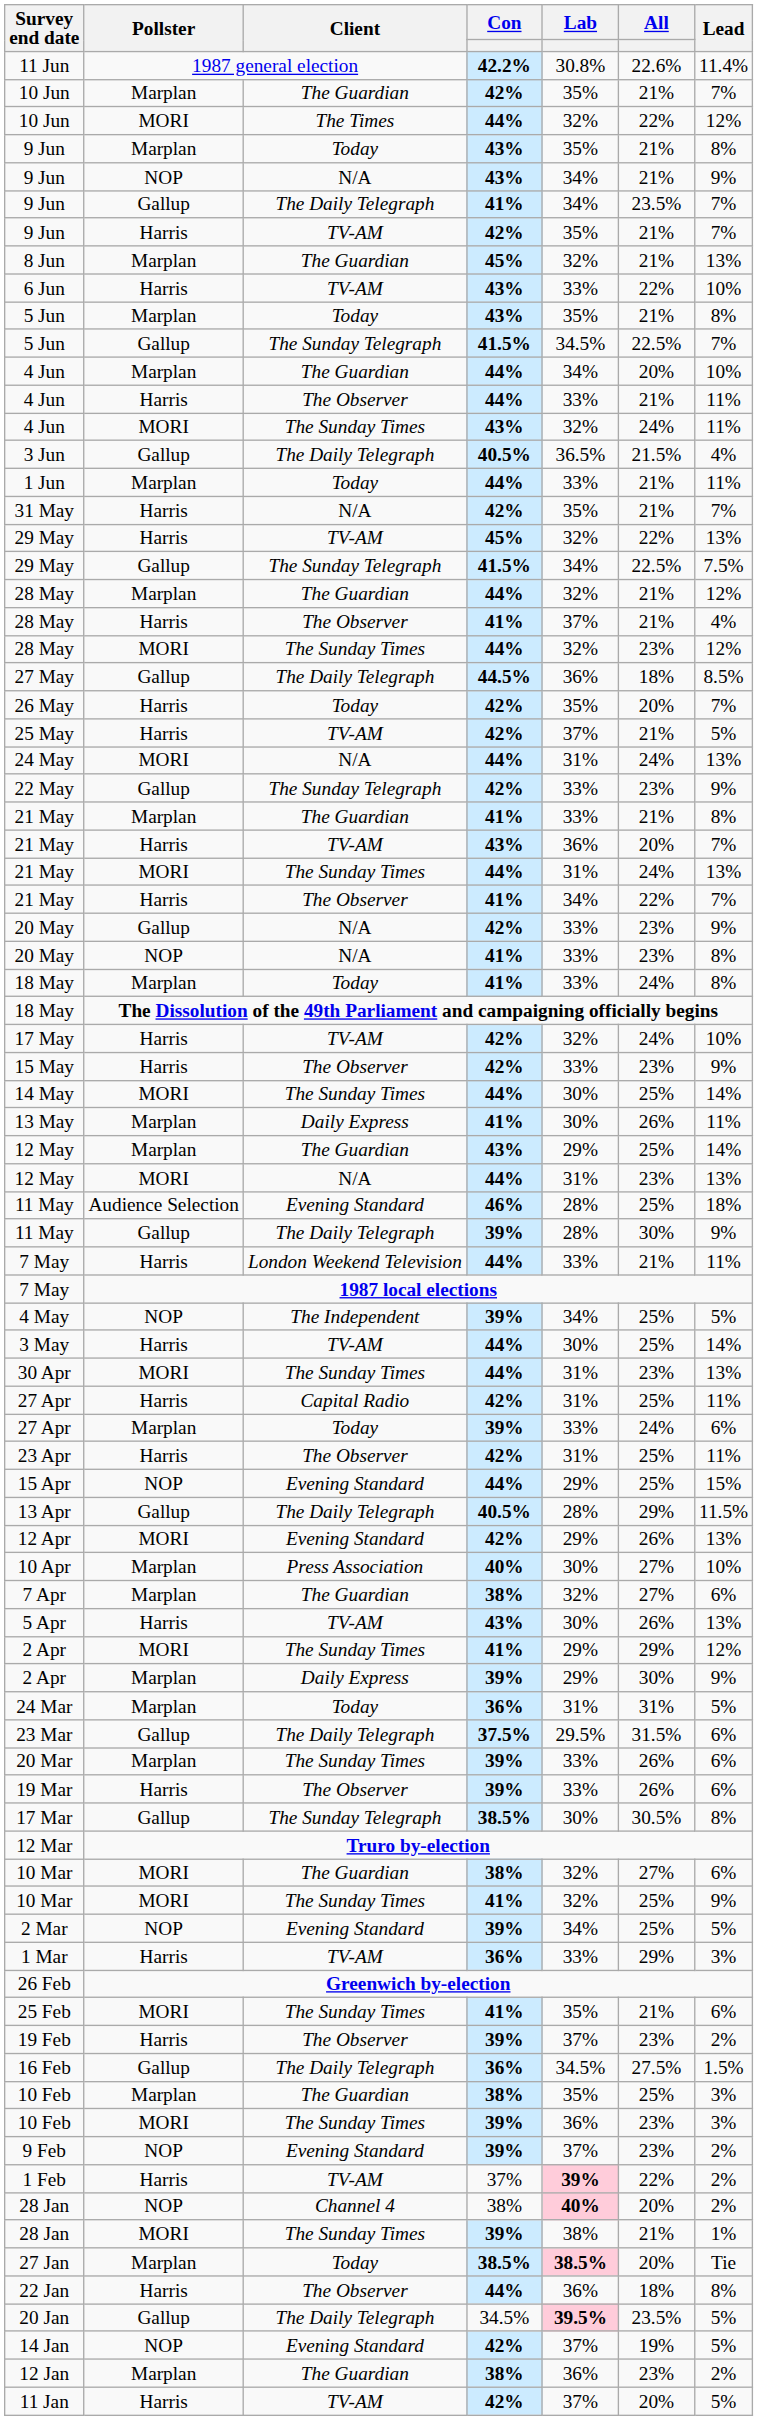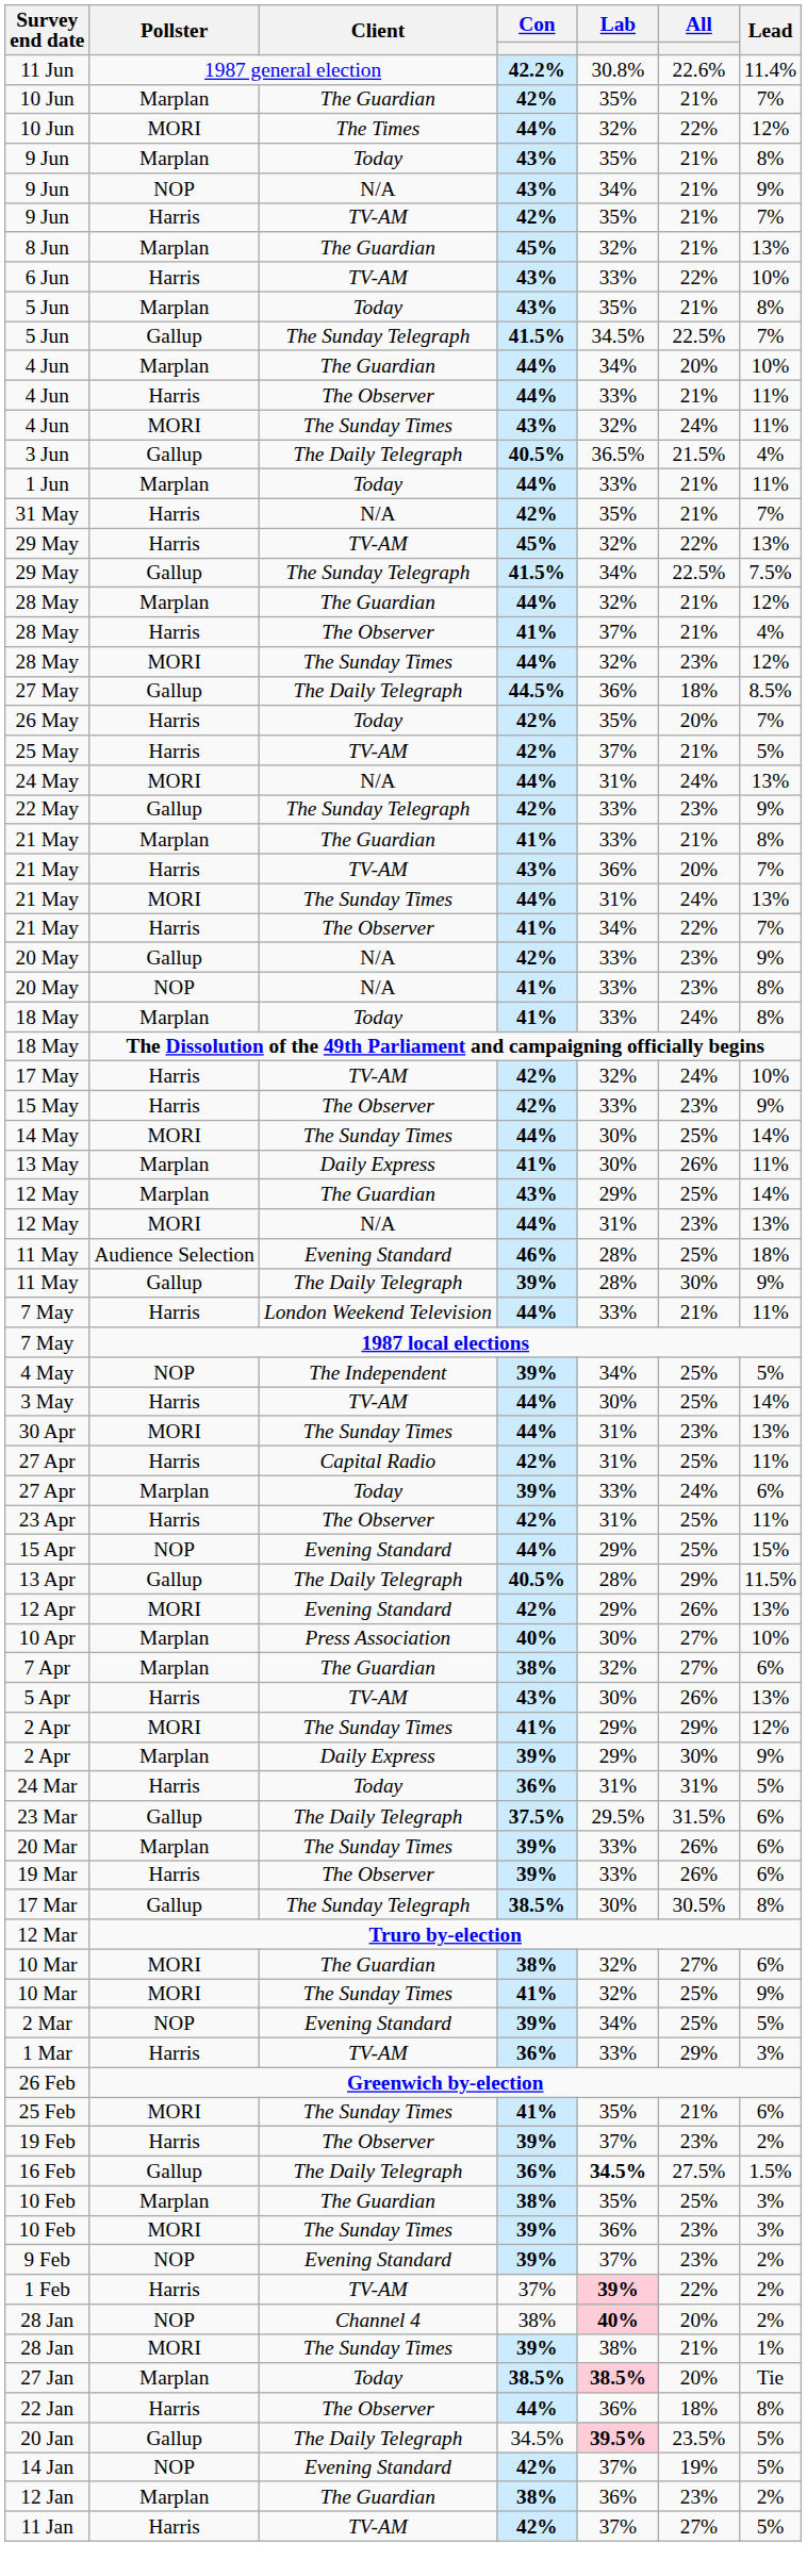 <table class="wikitable sortable mw-datatable" style="text-align:center;font-size:90%;line-height:14px;">
 <tr>
 <th rowspan="2">Survey<br>end date</th>
 <th rowspan="2">Pollster</th>
 <th rowspan="2">Client</th>
 <th class="unsortable" style="width:50px;"><a href='#'>Con</a></th>
 <th class="unsortable" style="width:50px;"><a href='#'>Lab</a></th>
 <th class="unsortable" style="width:50px;"><a href='#'>All</a></th>
 <th rowspan="2">Lead</th>
 </tr>
 <tr>
 <th style="background:"></th>
 <th style="background:"></th>
 <th style="background:"></th>
 </tr>
 <tr>
 <td>11 Jun</td>
 <td colspan="2"><a href='#'>1987 general election</a></td>
 <td style="background:#CCEBFF;"><strong>42.2%</strong></td>
 <td>30.8%</td>
 <td>22.6%</td>
 <td style="background:">11.4%</td>
 </tr>
 <tr>
 <td>10 Jun</td>
 <td>Marplan</td>
 <td><em>The Guardian</em></td>
 <td style="background:#CCEBFF;"><strong>42%</strong></td>
 <td>35%</td>
 <td>21%</td>
 <td style="background:">7%</td>
 </tr>
 <tr>
 <td>10 Jun</td>
 <td>MORI</td>
 <td><em>The Times</em></td>
 <td style="background:#CCEBFF;"><strong>44%</strong></td>
 <td>32%</td>
 <td>22%</td>
 <td style="background:">12%</td>
 </tr>
 <tr>
 <td>9 Jun</td>
 <td>Marplan</td>
 <td><em>Today</em></td>
 <td style="background:#CCEBFF;"><strong>43%</strong></td>
 <td>35%</td>
 <td>21%</td>
 <td style="background:">8%</td>
 </tr>
 <tr>
 <td>9 Jun</td>
 <td>NOP</td>
 <td>N/A</td>
 <td style="background:#CCEBFF;"><strong>43%</strong></td>
 <td>34%</td>
 <td>21%</td>
 <td style="background:">9%</td>
-</tr>
-<tr>
-<td>9 Jun</td>
-<td>Gallup</td>
-<td><em>The Daily Telegraph</em></td>
-<td style="background:#CCEBFF;"><strong>41%</strong></td>
-<td>34%</td>
-<td>23.5%</td>
-<td style="background:">7%</td>
 </tr>
 <tr>
 <td>9 Jun</td>
 <td>Harris</td>
 <td><em>TV-AM</em></td>
 <td style="background:#CCEBFF;"><strong>42%</strong></td>
 <td>35%</td>
 <td>21%</td>
 <td style="background:">7%</td>
 </tr>
 <tr>
 <td>8 Jun</td>
 <td>Marplan</td>
 <td><em>The Guardian</em></td>
 <td style="background:#CCEBFF;"><strong>45%</strong></td>
 <td>32%</td>
 <td>21%</td>
 <td style="background:">13%</td>
 </tr>
 <tr>
 <td>6 Jun</td>
 <td>Harris</td>
 <td><em>TV-AM</em></td>
 <td style="background:#CCEBFF;"><strong>43%</strong></td>
 <td>33%</td>
 <td>22%</td>
 <td style="background:">10%</td>
 </tr>
 <tr>
 <td>5 Jun</td>
 <td>Marplan</td>
 <td><em>Today</em></td>
 <td style="background:#CCEBFF;"><strong>43%</strong></td>
 <td>35%</td>
 <td>21%</td>
 <td style="background:">8%</td>
 </tr>
 <tr>
 <td>5 Jun</td>
 <td>Gallup</td>
 <td><em>The Sunday Telegraph</em></td>
 <td style="background:#CCEBFF;"><strong>41.5%</strong></td>
 <td>34.5%</td>
 <td>22.5%</td>
 <td style="background:">7%</td>
 </tr>
 <tr>
 <td>4 Jun</td>
 <td>Marplan</td>
 <td><em>The Guardian</em></td>
 <td style="background:#CCEBFF;"><strong>44%</strong></td>
 <td>34%</td>
 <td>20%</td>
 <td style="background:">10%</td>
 </tr>
 <tr>
 <td>4 Jun</td>
 <td>Harris</td>
 <td><em>The Observer</em></td>
 <td style="background:#CCEBFF;"><strong>44%</strong></td>
 <td>33%</td>
 <td>21%</td>
 <td style="background:">11%</td>
 </tr>
 <tr>
 <td>4 Jun</td>
 <td>MORI</td>
 <td><em>The Sunday Times</em></td>
 <td style="background:#CCEBFF;"><strong>43%</strong></td>
 <td>32%</td>
 <td>24%</td>
 <td style="background:">11%</td>
 </tr>
 <tr>
 <td>3 Jun</td>
 <td>Gallup</td>
 <td><em>The Daily Telegraph</em></td>
 <td style="background:#CCEBFF;"><strong>40.5%</strong></td>
 <td>36.5%</td>
 <td>21.5%</td>
 <td style="background:">4%</td>
 </tr>
 <tr>
 <td>1 Jun</td>
 <td>Marplan</td>
 <td><em>Today</em></td>
 <td style="background:#CCEBFF;"><strong>44%</strong></td>
 <td>33%</td>
 <td>21%</td>
 <td style="background:">11%</td>
 </tr>
 <tr>
 <td>31 May</td>
 <td>Harris</td>
 <td>N/A</td>
 <td style="background:#CCEBFF;"><strong>42%</strong></td>
 <td>35%</td>
 <td>21%</td>
 <td style="background:">7%</td>
 </tr>
 <tr>
 <td>29 May</td>
 <td>Harris</td>
 <td><em>TV-AM</em></td>
 <td style="background:#CCEBFF;"><strong>45%</strong></td>
 <td>32%</td>
 <td>22%</td>
 <td style="background:">13%</td>
 </tr>
 <tr>
 <td>29 May</td>
 <td>Gallup</td>
 <td><em>The Sunday Telegraph</em></td>
 <td style="background:#CCEBFF;"><strong>41.5%</strong></td>
 <td>34%</td>
 <td>22.5%</td>
 <td style="background:">7.5%</td>
 </tr>
 <tr>
 <td>28 May</td>
 <td>Marplan</td>
 <td><em>The Guardian</em></td>
 <td style="background:#CCEBFF;"><strong>44%</strong></td>
 <td>32%</td>
 <td>21%</td>
 <td style="background:">12%</td>
 </tr>
 <tr>
 <td>28 May</td>
 <td>Harris</td>
 <td><em>The Observer</em></td>
 <td style="background:#CCEBFF;"><strong>41%</strong></td>
 <td>37%</td>
 <td>21%</td>
 <td style="background:">4%</td>
 </tr>
 <tr>
 <td>28 May</td>
 <td>MORI</td>
 <td><em>The Sunday Times</em></td>
 <td style="background:#CCEBFF;"><strong>44%</strong></td>
 <td>32%</td>
 <td>23%</td>
 <td style="background:">12%</td>
 </tr>
 <tr>
 <td>27 May</td>
 <td>Gallup</td>
 <td><em>The Daily Telegraph</em></td>
 <td style="background:#CCEBFF;"><strong>44.5%</strong></td>
 <td>36%</td>
 <td>18%</td>
 <td style="background:">8.5%</td>
 </tr>
 <tr>
 <td>26 May</td>
 <td>Harris</td>
 <td><em>Today</em></td>
 <td style="background:#CCEBFF;"><strong>42%</strong></td>
 <td>35%</td>
 <td>20%</td>
 <td style="background:">7%</td>
 </tr>
 <tr>
 <td>25 May</td>
 <td>Harris</td>
 <td><em>TV-AM</em></td>
 <td style="background:#CCEBFF;"><strong>42%</strong></td>
 <td>37%</td>
 <td>21%</td>
 <td style="background:">5%</td>
 </tr>
 <tr>
 <td>24 May</td>
 <td>MORI</td>
 <td>N/A</td>
 <td style="background:#CCEBFF;"><strong>44%</strong></td>
 <td>31%</td>
 <td>24%</td>
 <td style="background:">13%</td>
 </tr>
 <tr>
 <td>22 May</td>
 <td>Gallup</td>
 <td><em>The Sunday Telegraph</em></td>
 <td style="background:#CCEBFF;"><strong>42%</strong></td>
 <td>33%</td>
 <td>23%</td>
 <td style="background:">9%</td>
 </tr>
 <tr>
 <td>21 May</td>
 <td>Marplan</td>
 <td><em>The Guardian</em></td>
 <td style="background:#CCEBFF;"><strong>41%</strong></td>
 <td>33%</td>
 <td>21%</td>
 <td style="background:">8%</td>
 </tr>
 <tr>
 <td>21 May</td>
 <td>Harris</td>
 <td><em>TV-AM</em></td>
 <td style="background:#CCEBFF;"><strong>43%</strong></td>
 <td>36%</td>
 <td>20%</td>
 <td style="background:">7%</td>
 </tr>
 <tr>
 <td>21 May</td>
 <td>MORI</td>
 <td><em>The Sunday Times</em></td>
 <td style="background:#CCEBFF;"><strong>44%</strong></td>
 <td>31%</td>
 <td>24%</td>
 <td style="background:">13%</td>
 </tr>
 <tr>
 <td>21 May</td>
 <td>Harris</td>
 <td><em>The Observer</em></td>
 <td style="background:#CCEBFF;"><strong>41%</strong></td>
 <td>34%</td>
 <td>22%</td>
 <td style="background:">7%</td>
 </tr>
 <tr>
 <td>20 May</td>
 <td>Gallup</td>
 <td>N/A</td>
 <td style="background:#CCEBFF;"><strong>42%</strong></td>
 <td>33%</td>
 <td>23%</td>
 <td style="background:">9%</td>
 </tr>
 <tr>
 <td>20 May</td>
 <td>NOP</td>
 <td>N/A</td>
 <td style="background:#CCEBFF;"><strong>41%</strong></td>
 <td>33%</td>
 <td>23%</td>
 <td style="background:">8%</td>
 </tr>
 <tr>
 <td>18 May</td>
 <td>Marplan</td>
 <td><em>Today</em></td>
 <td style="background:#CCEBFF;"><strong>41%</strong></td>
 <td>33%</td>
 <td>24%</td>
 <td style="background:">8%</td>
 </tr>
 <tr>
 <td>18 May</td>
 <td colspan="6"><strong>The <a href='#'>Dissolution</a> of the <a href='#'>49th Parliament</a> and campaigning officially begins</strong></td>
 </tr>
 <tr>
 <td>17 May</td>
 <td>Harris</td>
 <td><em>TV-AM</em></td>
 <td style="background:#CCEBFF;"><strong>42%</strong></td>
 <td>32%</td>
 <td>24%</td>
 <td style="background:">10%</td>
 </tr>
 <tr>
 <td>15 May</td>
 <td>Harris</td>
 <td><em>The Observer</em></td>
 <td style="background:#CCEBFF;"><strong>42%</strong></td>
 <td>33%</td>
 <td>23%</td>
 <td style="background:">9%</td>
 </tr>
 <tr>
 <td>14 May</td>
 <td>MORI</td>
 <td><em>The Sunday Times</em></td>
 <td style="background:#CCEBFF;"><strong>44%</strong></td>
 <td>30%</td>
 <td>25%</td>
 <td style="background:">14%</td>
 </tr>
 <tr>
 <td>13 May</td>
 <td>Marplan</td>
 <td><em>Daily Express</em></td>
 <td style="background:#CCEBFF;"><strong>41%</strong></td>
 <td>30%</td>
 <td>26%</td>
 <td style="background:">11%</td>
 </tr>
 <tr>
 <td>12 May</td>
 <td>Marplan</td>
 <td><em>The Guardian</em></td>
 <td style="background:#CCEBFF;"><strong>43%</strong></td>
 <td>29%</td>
 <td>25%</td>
 <td style="background:">14%</td>
 </tr>
 <tr>
 <td>12 May</td>
 <td>MORI</td>
 <td>N/A</td>
 <td style="background:#CCEBFF;"><strong>44%</strong></td>
 <td>31%</td>
 <td>23%</td>
 <td style="background:">13%</td>
 </tr>
 <tr>
 <td>11 May</td>
 <td>Audience Selection</td>
 <td><em>Evening Standard</em></td>
 <td style="background:#CCEBFF;"><strong>46%</strong></td>
 <td>28%</td>
 <td>25%</td>
 <td style="background:">18%</td>
 </tr>
 <tr>
 <td>11 May</td>
 <td>Gallup</td>
 <td><em>The Daily Telegraph</em></td>
 <td style="background:#CCEBFF;"><strong>39%</strong></td>
 <td>28%</td>
 <td>30%</td>
 <td style="background:">9%</td>
 </tr>
 <tr>
 <td>7 May</td>
 <td>Harris</td>
 <td><em>London Weekend Television</em></td>
 <td style="background:#CCEBFF;"><strong>44%</strong></td>
 <td>33%</td>
 <td>21%</td>
 <td style="background:">11%</td>
 </tr>
 <tr>
 <td>7 May</td>
 <td colspan="6"><a href='#'><strong>1987 local elections</strong></a></td>
 </tr>
 <tr>
 <td>4 May</td>
 <td>NOP</td>
 <td><em>The Independent</em></td>
 <td style="background:#CCEBFF;"><strong>39%</strong></td>
 <td>34%</td>
 <td>25%</td>
 <td style="background:">5%</td>
 </tr>
 <tr>
 <td>3 May</td>
 <td>Harris</td>
 <td><em>TV-AM</em></td>
 <td style="background:#CCEBFF;"><strong>44%</strong></td>
 <td>30%</td>
 <td>25%</td>
 <td style="background:">14%</td>
 </tr>
 <tr>
 <td>30 Apr</td>
 <td>MORI</td>
 <td><em>The Sunday Times</em></td>
 <td style="background:#CCEBFF;"><strong>44%</strong></td>
 <td>31%</td>
 <td>23%</td>
 <td style="background:">13%</td>
 </tr>
 <tr>
 <td>27 Apr</td>
 <td>Harris</td>
 <td><em>Capital Radio</em></td>
 <td style="background:#CCEBFF;"><strong>42%</strong></td>
 <td>31%</td>
 <td>25%</td>
 <td style="background:">11%</td>
 </tr>
 <tr>
 <td>27 Apr</td>
 <td>Marplan</td>
 <td><em>Today</em></td>
 <td style="background:#CCEBFF;"><strong>39%</strong></td>
 <td>33%</td>
 <td>24%</td>
 <td style="background:">6%</td>
 </tr>
 <tr>
 <td>23 Apr</td>
 <td>Harris</td>
 <td><em>The Observer</em></td>
 <td style="background:#CCEBFF;"><strong>42%</strong></td>
 <td>31%</td>
 <td>25%</td>
 <td style="background:">11%</td>
 </tr>
 <tr>
 <td>15 Apr</td>
 <td>NOP</td>
 <td><em>Evening Standard</em></td>
 <td style="background:#CCEBFF;"><strong>44%</strong></td>
 <td>29%</td>
 <td>25%</td>
 <td style="background:">15%</td>
 </tr>
 <tr>
 <td>13 Apr</td>
 <td>Gallup</td>
 <td><em>The Daily Telegraph</em></td>
 <td style="background:#CCEBFF;"><strong>40.5%</strong></td>
 <td>28%</td>
 <td>29%</td>
 <td style="background:">11.5%</td>
 </tr>
 <tr>
 <td>12 Apr</td>
 <td>MORI</td>
 <td><em>Evening Standard</em></td>
 <td style="background:#CCEBFF;"><strong>42%</strong></td>
 <td>29%</td>
 <td>26%</td>
 <td style="background:">13%</td>
 </tr>
 <tr>
 <td>10 Apr</td>
 <td>Marplan</td>
 <td><em>Press Association</em></td>
 <td style="background:#CCEBFF;"><strong>40%</strong></td>
 <td>30%</td>
 <td>27%</td>
 <td style="background:">10%</td>
 </tr>
 <tr>
 <td>7 Apr</td>
 <td>Marplan</td>
 <td><em>The Guardian</em></td>
 <td style="background:#CCEBFF;"><strong>38%</strong></td>
 <td>32%</td>
 <td>27%</td>
 <td style="background:">6%</td>
 </tr>
 <tr>
 <td>5 Apr</td>
 <td>Harris</td>
 <td><em>TV-AM</em></td>
 <td style="background:#CCEBFF;"><strong>43%</strong></td>
 <td>30%</td>
 <td>26%</td>
 <td style="background:">13%</td>
 </tr>
 <tr>
 <td>2 Apr</td>
 <td>MORI</td>
 <td><em>The Sunday Times</em></td>
 <td style="background:#CCEBFF;"><strong>41%</strong></td>
 <td>29%</td>
 <td>29%</td>
 <td style="background:">12%</td>
 </tr>
 <tr>
 <td>2 Apr</td>
 <td>Marplan</td>
 <td><em>Daily Express</em></td>
 <td style="background:#CCEBFF;"><strong>39%</strong></td>
 <td>29%</td>
 <td>30%</td>
 <td style="background:">9%</td>
 </tr>
 <tr>
 <td>24 Mar</td>
-<td>Marplan</td>
+<td>Harris</td>
 <td><em>Today</em></td>
 <td style="background:#CCEBFF;"><strong>36%</strong></td>
 <td>31%</td>
 <td>31%</td>
 <td style="background:">5%</td>
 </tr>
 <tr>
 <td>23 Mar</td>
 <td>Gallup</td>
 <td><em>The Daily Telegraph</em></td>
 <td style="background:#CCEBFF;"><strong>37.5%</strong></td>
 <td>29.5%</td>
 <td>31.5%</td>
 <td style="background:">6%</td>
 </tr>
 <tr>
 <td>20 Mar</td>
 <td>Marplan</td>
 <td><em>The Sunday Times</em></td>
 <td style="background:#CCEBFF;"><strong>39%</strong></td>
 <td>33%</td>
 <td>26%</td>
 <td style="background:">6%</td>
 </tr>
 <tr>
 <td>19 Mar</td>
 <td>Harris</td>
 <td><em>The Observer</em></td>
 <td style="background:#CCEBFF;"><strong>39%</strong></td>
 <td>33%</td>
 <td>26%</td>
 <td style="background:">6%</td>
 </tr>
 <tr>
 <td>17 Mar</td>
 <td>Gallup</td>
 <td><em>The Sunday Telegraph</em></td>
 <td style="background:#CCEBFF;"><strong>38.5%</strong></td>
 <td>30%</td>
 <td>30.5%</td>
 <td style="background:">8%</td>
 </tr>
 <tr>
 <td>12 Mar</td>
 <td colspan="6"><a href='#'><strong>Truro by-election</strong></a></td>
 </tr>
 <tr>
 <td>10 Mar</td>
 <td>MORI</td>
 <td><em>The Guardian</em></td>
 <td style="background:#CCEBFF;"><strong>38%</strong></td>
 <td>32%</td>
 <td>27%</td>
 <td style="background:">6%</td>
 </tr>
 <tr>
 <td>10 Mar</td>
 <td>MORI</td>
 <td><em>The Sunday Times</em></td>
 <td style="background:#CCEBFF;"><strong>41%</strong></td>
 <td>32%</td>
 <td>25%</td>
 <td style="background:">9%</td>
 </tr>
 <tr>
 <td>2 Mar</td>
 <td>NOP</td>
 <td><em>Evening Standard</em></td>
 <td style="background:#CCEBFF;"><strong>39%</strong></td>
 <td>34%</td>
 <td>25%</td>
 <td style="background:">5%</td>
 </tr>
 <tr>
 <td>1 Mar</td>
 <td>Harris</td>
 <td><em>TV-AM</em></td>
 <td style="background:#CCEBFF;"><strong>36%</strong></td>
 <td>33%</td>
 <td>29%</td>
 <td style="background:">3%</td>
 </tr>
 <tr>
 <td>26 Feb</td>
 <td colspan="6"><a href='#'><strong>Greenwich by-election</strong></a></td>
 </tr>
 <tr>
 <td>25 Feb</td>
 <td>MORI</td>
 <td><em>The Sunday Times</em></td>
 <td style="background:#CCEBFF;"><strong>41%</strong></td>
 <td>35%</td>
 <td>21%</td>
 <td style="background:">6%</td>
 </tr>
 <tr>
 <td>19 Feb</td>
 <td>Harris</td>
 <td><em>The Observer</em></td>
 <td style="background:#CCEBFF;"><strong>39%</strong></td>
 <td>37%</td>
 <td>23%</td>
 <td style="background:">2%</td>
 </tr>
 <tr>
 <td>16 Feb</td>
 <td>Gallup</td>
 <td><em>The Daily Telegraph</em></td>
 <td style="background:#CCEBFF;"><strong>36%</strong></td>
-<td>34.5%</td>
+<td><strong>34.5%</strong></td>
 <td>27.5%</td>
 <td style="background:">1.5%</td>
 </tr>
 <tr>
 <td>10 Feb</td>
 <td>Marplan</td>
 <td><em>The Guardian</em></td>
 <td style="background:#CCEBFF;"><strong>38%</strong></td>
 <td>35%</td>
 <td>25%</td>
 <td style="background:">3%</td>
 </tr>
 <tr>
 <td>10 Feb</td>
 <td>MORI</td>
 <td><em>The Sunday Times</em></td>
 <td style="background:#CCEBFF;"><strong>39%</strong></td>
 <td>36%</td>
 <td>23%</td>
 <td style="background:">3%</td>
 </tr>
 <tr>
 <td>9 Feb</td>
 <td>NOP</td>
 <td><em>Evening Standard</em></td>
 <td style="background:#CCEBFF;"><strong>39%</strong></td>
 <td>37%</td>
 <td>23%</td>
 <td style="background:">2%</td>
 </tr>
 <tr>
 <td>1 Feb</td>
 <td>Harris</td>
 <td><em>TV-AM</em></td>
 <td>37%</td>
 <td style="background:#FFCCDA;"><strong>39%</strong></td>
 <td>22%</td>
 <td style="background:">2%</td>
 </tr>
 <tr>
 <td>28 Jan</td>
 <td>NOP</td>
 <td><em>Channel 4</em></td>
 <td>38%</td>
 <td style="background:#FFCCDA;"><strong>40%</strong></td>
 <td>20%</td>
 <td style="background:">2%</td>
 </tr>
 <tr>
 <td>28 Jan</td>
 <td>MORI</td>
 <td><em>The Sunday Times</em></td>
 <td style="background:#CCEBFF;"><strong>39%</strong></td>
 <td>38%</td>
 <td>21%</td>
 <td style="background:">1%</td>
 </tr>
 <tr>
 <td>27 Jan</td>
 <td>Marplan</td>
 <td><em>Today</em></td>
 <td style="background:#CCEBFF;"><strong>38.5%</strong></td>
 <td style="background:#FFCCDA;"><strong>38.5%</strong></td>
 <td>20%</td>
 <td>Tie</td>
 </tr>
 <tr>
 <td>22 Jan</td>
 <td>Harris</td>
 <td><em>The Observer</em></td>
 <td style="background:#CCEBFF;"><strong>44%</strong></td>
 <td>36%</td>
 <td>18%</td>
 <td style="background:">8%</td>
 </tr>
 <tr>
 <td>20 Jan</td>
 <td>Gallup</td>
 <td><em>The Daily Telegraph</em></td>
 <td>34.5%</td>
 <td style="background:#FFCCDA;"><strong>39.5%</strong></td>
 <td>23.5%</td>
 <td style="background:">5%</td>
 </tr>
 <tr>
 <td>14 Jan</td>
 <td>NOP</td>
 <td><em>Evening Standard</em></td>
 <td style="background:#CCEBFF;"><strong>42%</strong></td>
 <td>37%</td>
 <td>19%</td>
 <td style="background:">5%</td>
 </tr>
 <tr>
 <td>12 Jan</td>
 <td>Marplan</td>
 <td><em>The Guardian</em></td>
 <td style="background:#CCEBFF;"><strong>38%</strong></td>
 <td>36%</td>
 <td>23%</td>
 <td style="background:">2%</td>
 </tr>
 <tr>
 <td>11 Jan</td>
 <td>Harris</td>
 <td><em>TV-AM</em></td>
 <td style="background:#CCEBFF;"><strong>42%</strong></td>
 <td>37%</td>
-<td>20%</td>
+<td>27%</td>
 <td style="background:">5%</td>
 </tr>
 </table>
